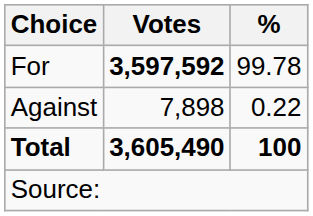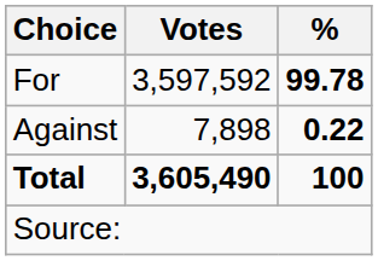 <table class=wikitable style=text-align:right>
 <tr>
 <th>Choice</th>
 <th>Votes</th>
 <th>%</th>
 </tr>
 <tr>
 <td align=left>For</td>
-<td><strong>3,597,592</strong></td>
-<td>99.78</td>
+<td>3,597,592</td>
+<td><strong>99.78</strong></td>
 </tr>
 <tr>
 <td align=left>Against</td>
 <td>7,898</td>
-<td>0.22</td>
+<td><strong>0.22</strong></td>
 </tr>
 <tr>
 <td align=left><strong>Total</strong></td>
 <td><strong>3,605,490</strong></td>
 <td><strong>100</strong></td>
 </tr>
 <tr>
 <td align=left colspan=4>Source: </td>
 </tr>
 </table>
